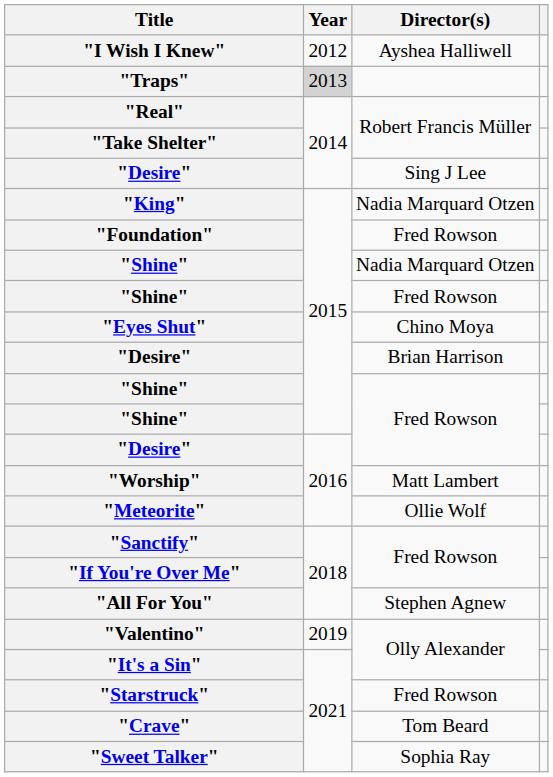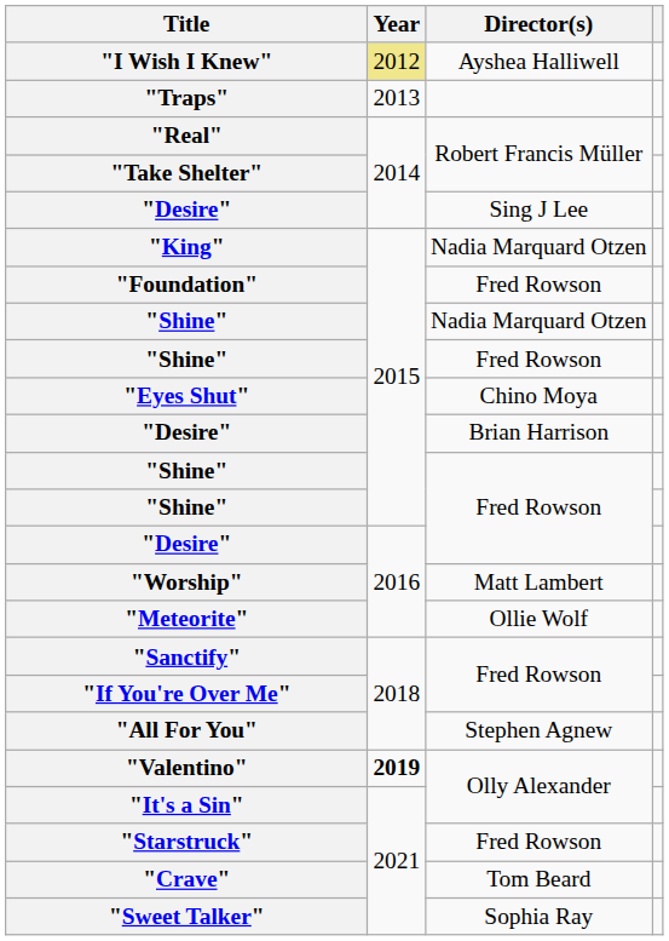 <table class="wikitable plainrowheaders" style="text-align:center;">
 <tr>
 <th scope="col" style="width:15em;">Title</th>
 <th scope="col" style="width:1em;">Year</th>
 <th scope="col">Director(s)</th>
 <th scope="col"></th>
 </tr>
 <tr>
 <th scope="row">"I Wish I Knew"</th>
-<td>2012</td>
+<td style="background: khaki;">2012</td>
 <td>Ayshea Halliwell</td>
 <td></td>
 </tr>
 <tr>
 <th scope="row">"Traps"</th>
-<td style="background: lightgrey;">2013</td>
+<td>2013</td>
 <td></td>
 <td></td>
 </tr>
 <tr>
 <th scope="row">"Real"</th>
 <td rowspan="3">2014</td>
 <td rowspan="2">Robert Francis Müller</td>
 <td></td>
 </tr>
 <tr>
 <th scope="row">"Take Shelter"</th>
 <td></td>
 </tr>
 <tr>
 <th scope="row">"<a href='#'>Desire</a>"</th>
 <td>Sing J Lee</td>
 <td></td>
 </tr>
 <tr>
 <th scope="row">"<a href='#'>King</a>"</th>
 <td rowspan="8">2015</td>
 <td>Nadia Marquard Otzen</td>
 <td></td>
 </tr>
 <tr>
 <th scope="row">"Foundation"</th>
 <td>Fred Rowson</td>
 <td></td>
 </tr>
 <tr>
 <th scope="row">"<a href='#'>Shine</a>"</th>
 <td>Nadia Marquard Otzen</td>
 <td></td>
 </tr>
 <tr>
 <th scope="row">"Shine" </th>
 <td>Fred Rowson</td>
 <td></td>
 </tr>
 <tr>
 <th scope="row">"<a href='#'>Eyes Shut</a>"</th>
 <td>Chino Moya</td>
 <td></td>
 </tr>
 <tr>
 <th scope="row">"Desire" </th>
 <td>Brian Harrison</td>
 <td></td>
 </tr>
 <tr>
 <th scope="row">"Shine" </th>
 <td rowspan="3">Fred Rowson</td>
 <td></td>
 </tr>
 <tr>
 <th scope="row">"Shine" </th>
 <td></td>
 </tr>
 <tr>
 <th scope="row">"<a href='#'>Desire</a>" </th>
 <td rowspan="3">2016</td>
 <td></td>
 </tr>
 <tr>
 <th scope="row">"Worship"</th>
 <td>Matt Lambert</td>
 <td></td>
 </tr>
 <tr>
 <th scope="row">"<a href='#'>Meteorite</a>"</th>
 <td>Ollie Wolf</td>
 <td></td>
 </tr>
 <tr>
 <th scope="row">"<a href='#'>Sanctify</a>"</th>
 <td rowspan="3">2018</td>
 <td rowspan="2">Fred Rowson</td>
 <td></td>
 </tr>
 <tr>
 <th scope="row">"<a href='#'>If You're Over Me</a>"</th>
 <td></td>
 </tr>
 <tr>
 <th scope="row">"All For You"</th>
 <td>Stephen Agnew</td>
 <td></td>
 </tr>
 <tr>
 <th scope="row">"Valentino" </th>
-<td>2019</td>
+<td><strong>2019</strong></td>
 <td rowspan="2">Olly Alexander</td>
 <td></td>
 </tr>
 <tr>
 <th scope="row">"<a href='#'>It's a Sin</a>" </th>
 <td rowspan="4">2021</td>
 <td></td>
 </tr>
 <tr>
 <th scope="row">"<a href='#'>Starstruck</a>"</th>
 <td>Fred Rowson</td>
 <td></td>
 </tr>
 <tr>
 <th scope="row">"<a href='#'>Crave</a>"</th>
 <td>Tom Beard</td>
 <td></td>
 </tr>
 <tr>
 <th scope="row">"<a href='#'>Sweet Talker</a>" </th>
 <td>Sophia Ray</td>
 <td></td>
 </tr>
 </table>
